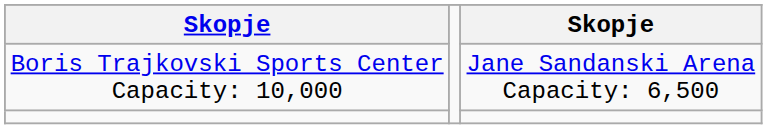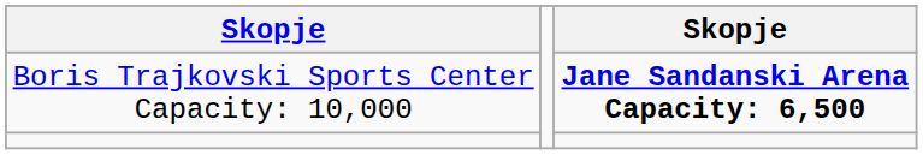 <table class="wikitable" style="text-align:center;">
 <tr>
 <th><a href='#'>Skopje</a></th>
 <td rowspan="3"></td>
 <th>Skopje</th>
 </tr>
 <tr>
 <td><a href='#'>Boris Trajkovski Sports Center</a><br>Capacity: 10,000</td>
-<td><a href='#'>Jane Sandanski Arena</a><br>Capacity: 6,500</td>
+<td><strong><a href='#'>Jane Sandanski Arena</a><br>Capacity: 6,500</strong></td>
 </tr>
 <tr>
 <td></td>
 <td></td>
 </tr>
 </table>
